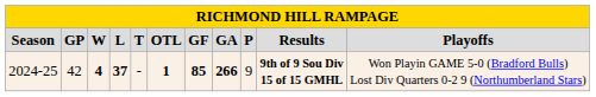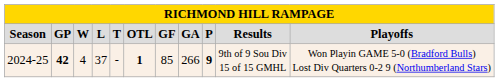 <table class="wikitable">
 <tr align="center"  bgcolor="gold"  style="color:black">
 <td colspan=12><strong>RICHMOND HILL RAMPAGE</strong></td>
 </tr>
 <tr align="center"  bgcolor="#dddddd">
 <td><strong>Season</strong></td>
 <td><strong>GP</strong></td>
 <td><strong>W</strong></td>
 <td><strong>L</strong></td>
 <td><strong>T</strong></td>
 <td><strong>OTL</strong></td>
 <td><strong>GF</strong></td>
 <td><strong>GA</strong></td>
 <td><strong>P</strong></td>
 <td><strong>Results</strong></td>
 <td><strong>Playoffs</strong></td>
 </tr>
 <tr align="center"  bgcolor="linen">
 <td>2024-25</td>
-<td>42</td>
-<td><strong>4</strong></td>
-<td><strong>37</strong></td>
+<td><strong>42</strong></td>
+<td>4</td>
+<td>37</td>
 <td>-</td>
 <td><strong>1</strong></td>
-<td><strong>85</strong></td>
-<td><strong>266</strong></td>
-<td>9</td>
-<td><strong><small> 9th of 9 Sou Div<br>15 of 15 GMHL</small></strong></td>
+<td>85</td>
+<td>266</td>
+<td><strong>9</strong></td>
+<td><small> 9th of 9 Sou Div<br>15 of 15 GMHL</small></td>
 <td><small> Won Playin GAME 5-0 (<a href='#'>Bradford Bulls</a>)<br>Lost Div Quarters 0-2 9 (<a href='#'>Northumberland Stars</a>)   </small></td>
 </tr>
 </table>
